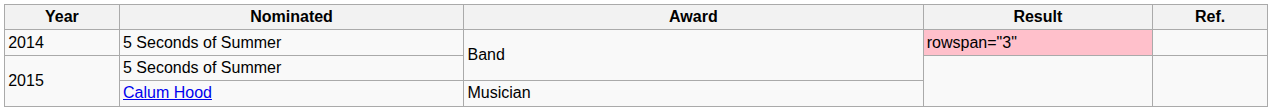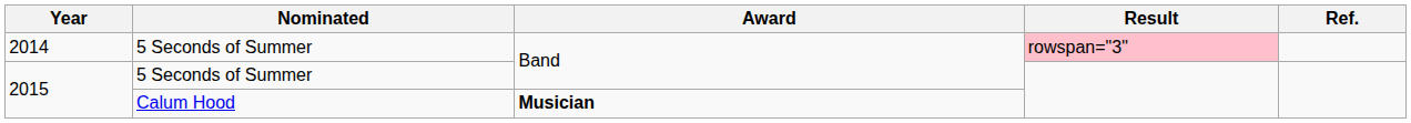 <table class="wikitable" style="width:100%;">
 <tr>
 <th width=5%>Year</th>
 <th style="width:15%;">Nominated</th>
 <th style="width:20%;">Award</th>
 <th style="width:10%;">Result</th>
 <th style="width:5%;">Ref.</th>
 </tr>
 <tr>
 <td>2014</td>
 <td>5 Seconds of Summer</td>
 <td rowspan=2>Band</td>
 <td style="background: pink;">rowspan="3" </td>
 <td></td>
 </tr>
 <tr>
 <td rowspan="2">2015</td>
 <td>5 Seconds of Summer</td>
 <td rowspan="2"></td>
 </tr>
 <tr>
 <td><a href='#'>Calum Hood</a></td>
-<td>Musician</td>
+<td><strong>Musician</strong></td>
 </tr>
 </table>
